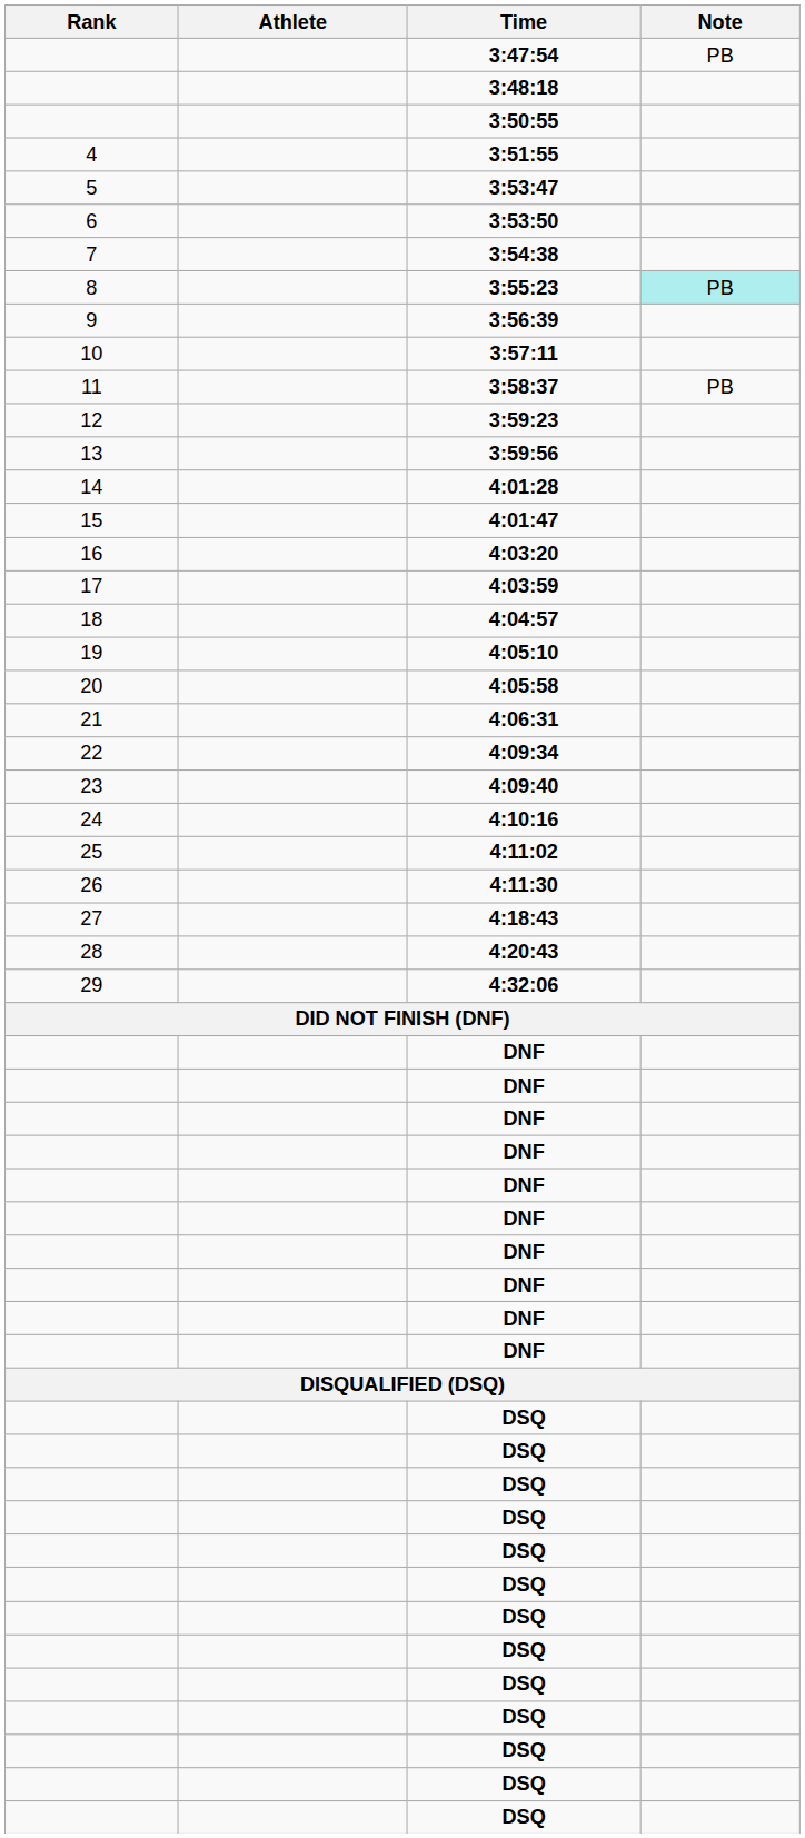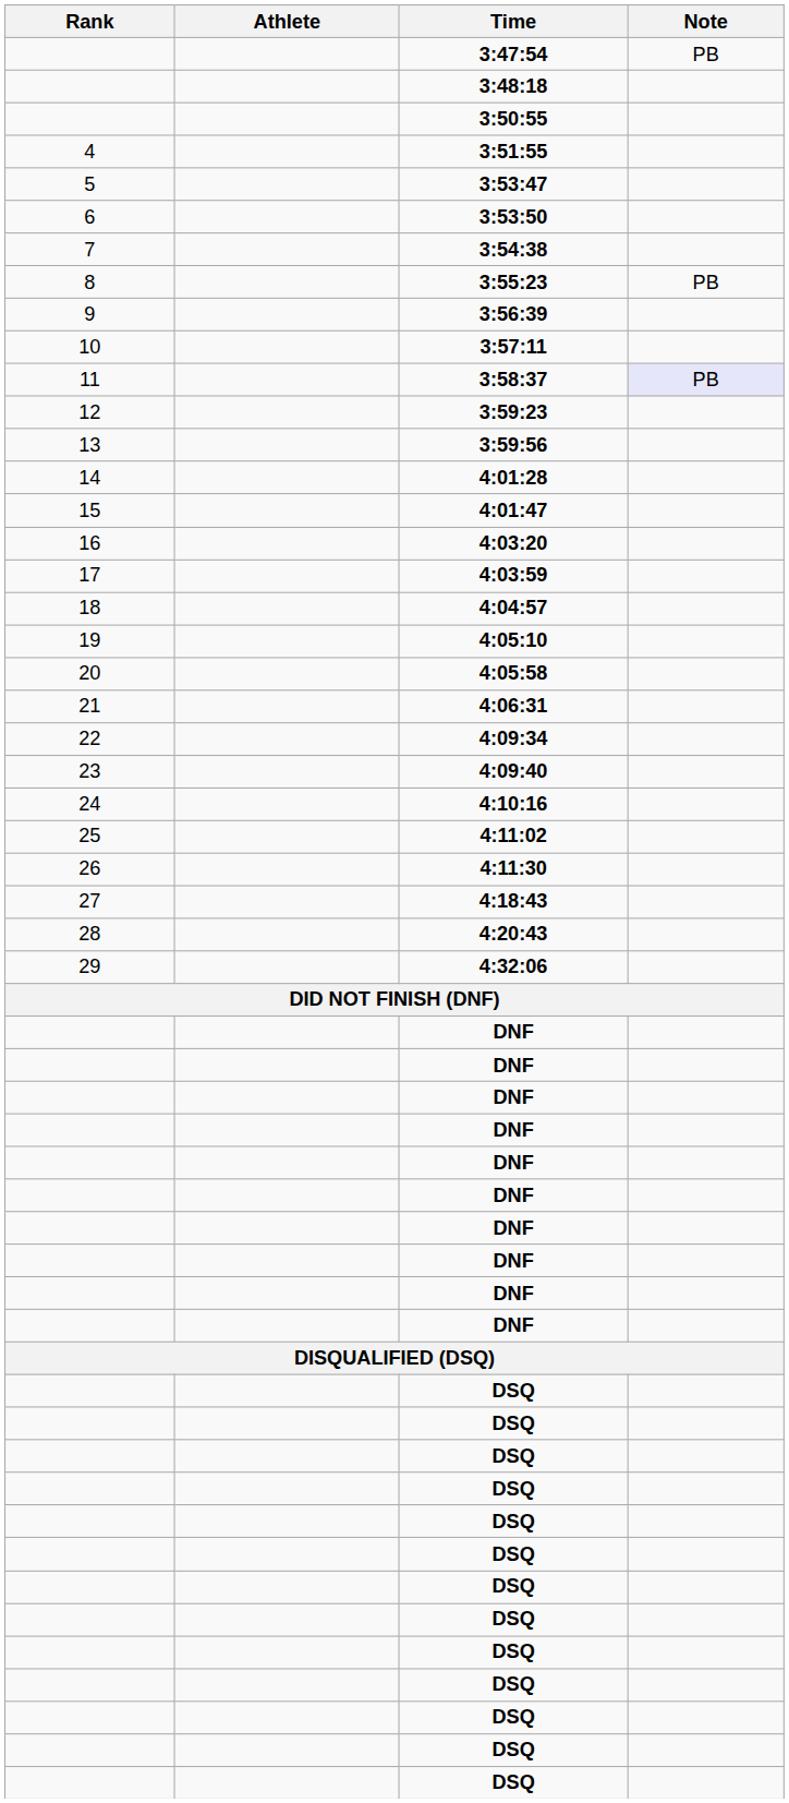 <table class="wikitable" style=" text-align:center; font-size:110%;" width="55%">
 <tr>
 <th>Rank</th>
 <th>Athlete</th>
 <th>Time</th>
 <th>Note</th>
 </tr>
 <tr>
 <td></td>
 <td align=left></td>
 <td><strong>3:47:54</strong></td>
 <td>PB</td>
 </tr>
 <tr>
 <td></td>
 <td align=left></td>
 <td><strong>3:48:18</strong></td>
 <td></td>
 </tr>
 <tr>
 <td></td>
 <td align=left></td>
 <td><strong>3:50:55</strong></td>
 <td></td>
 </tr>
 <tr>
 <td>4</td>
 <td align=left></td>
 <td><strong>3:51:55</strong></td>
 <td></td>
 </tr>
 <tr>
 <td>5</td>
 <td align=left></td>
 <td><strong>3:53:47</strong></td>
 <td></td>
 </tr>
 <tr>
 <td>6</td>
 <td align=left></td>
 <td><strong>3:53:50</strong></td>
 <td></td>
 </tr>
 <tr>
 <td>7</td>
 <td align=left></td>
 <td><strong>3:54:38</strong></td>
 <td></td>
 </tr>
 <tr>
 <td>8</td>
 <td align=left></td>
 <td><strong>3:55:23</strong></td>
-<td style="background: paleturquoise;">PB</td>
+<td>PB</td>
 </tr>
 <tr>
 <td>9</td>
 <td align=left></td>
 <td><strong>3:56:39</strong></td>
 <td></td>
 </tr>
 <tr>
 <td>10</td>
 <td align=left></td>
 <td><strong>3:57:11</strong></td>
 <td></td>
 </tr>
 <tr>
 <td>11</td>
 <td align=left></td>
 <td><strong>3:58:37</strong></td>
-<td>PB</td>
+<td style="background: lavender;">PB</td>
 </tr>
 <tr>
 <td>12</td>
 <td align=left></td>
 <td><strong>3:59:23</strong></td>
 <td></td>
 </tr>
 <tr>
 <td>13</td>
 <td align=left></td>
 <td><strong>3:59:56</strong></td>
 <td></td>
 </tr>
 <tr>
 <td>14</td>
 <td align=left></td>
 <td><strong>4:01:28</strong></td>
 <td></td>
 </tr>
 <tr>
 <td>15</td>
 <td align=left></td>
 <td><strong>4:01:47</strong></td>
 <td></td>
 </tr>
 <tr>
 <td>16</td>
 <td align=left></td>
 <td><strong>4:03:20</strong></td>
 <td></td>
 </tr>
 <tr>
 <td>17</td>
 <td align=left></td>
 <td><strong>4:03:59</strong></td>
 <td></td>
 </tr>
 <tr>
 <td>18</td>
 <td align=left></td>
 <td><strong>4:04:57</strong></td>
 <td></td>
 </tr>
 <tr>
 <td>19</td>
 <td align=left></td>
 <td><strong>4:05:10</strong></td>
 <td></td>
 </tr>
 <tr>
 <td>20</td>
 <td align=left></td>
 <td><strong>4:05:58</strong></td>
 <td></td>
 </tr>
 <tr>
 <td>21</td>
 <td align=left></td>
 <td><strong>4:06:31</strong></td>
 <td></td>
 </tr>
 <tr>
 <td>22</td>
 <td align=left></td>
 <td><strong>4:09:34</strong></td>
 <td></td>
 </tr>
 <tr>
 <td>23</td>
 <td align=left></td>
 <td><strong>4:09:40</strong></td>
 <td></td>
 </tr>
 <tr>
 <td>24</td>
 <td align=left></td>
 <td><strong>4:10:16</strong></td>
 <td></td>
 </tr>
 <tr>
 <td>25</td>
 <td align=left></td>
 <td><strong>4:11:02</strong></td>
 <td></td>
 </tr>
 <tr>
 <td>26</td>
 <td align=left></td>
 <td><strong>4:11:30</strong></td>
 <td></td>
 </tr>
 <tr>
 <td>27</td>
 <td align=left></td>
 <td><strong>4:18:43</strong></td>
 <td></td>
 </tr>
 <tr>
 <td>28</td>
 <td align=left></td>
 <td><strong>4:20:43</strong></td>
 <td></td>
 </tr>
 <tr>
 <td>29</td>
 <td align=left></td>
 <td><strong>4:32:06</strong></td>
 <td></td>
 </tr>
 <tr>
 <th colspan="4">DID NOT FINISH (DNF)</th>
 </tr>
 <tr>
 <td></td>
 <td align=left></td>
 <td><strong>DNF </strong></td>
 <td></td>
 </tr>
 <tr>
 <td></td>
 <td align=left></td>
 <td><strong>DNF </strong></td>
 <td></td>
 </tr>
 <tr>
 <td></td>
 <td align=left></td>
 <td><strong>DNF </strong></td>
 <td></td>
 </tr>
 <tr>
 <td></td>
 <td align=left></td>
 <td><strong>DNF </strong></td>
 <td></td>
 </tr>
 <tr>
 <td></td>
 <td align=left></td>
 <td><strong>DNF </strong></td>
 <td></td>
 </tr>
 <tr>
 <td></td>
 <td align=left></td>
 <td><strong>DNF </strong></td>
 <td></td>
 </tr>
 <tr>
 <td></td>
 <td align=left></td>
 <td><strong>DNF </strong></td>
 <td></td>
 </tr>
 <tr>
 <td></td>
 <td align=left></td>
 <td><strong>DNF </strong></td>
 <td></td>
 </tr>
 <tr>
 <td></td>
 <td align=left></td>
 <td><strong>DNF </strong></td>
 <td></td>
 </tr>
 <tr>
 <td></td>
 <td align=left></td>
 <td><strong>DNF </strong></td>
 <td></td>
 </tr>
 <tr>
 <th colspan="4">DISQUALIFIED (DSQ)</th>
 </tr>
 <tr>
 <td></td>
 <td align=left></td>
 <td><strong>DSQ  </strong></td>
 <td></td>
 </tr>
 <tr>
 <td></td>
 <td align=left></td>
 <td><strong>DSQ  </strong></td>
 <td></td>
 </tr>
 <tr>
 <td></td>
 <td align=left></td>
 <td><strong>DSQ  </strong></td>
 <td></td>
 </tr>
 <tr>
 <td></td>
 <td align=left></td>
 <td><strong>DSQ  </strong></td>
 <td></td>
 </tr>
 <tr>
 <td></td>
 <td align=left></td>
 <td><strong>DSQ  </strong></td>
 <td></td>
 </tr>
 <tr>
 <td></td>
 <td align=left></td>
 <td><strong>DSQ  </strong></td>
 <td></td>
 </tr>
 <tr>
 <td></td>
 <td align=left></td>
 <td><strong>DSQ  </strong></td>
 <td></td>
 </tr>
 <tr>
 <td></td>
 <td align=left></td>
 <td><strong>DSQ  </strong></td>
 <td></td>
 </tr>
 <tr>
 <td></td>
 <td align=left></td>
 <td><strong>DSQ  </strong></td>
 <td></td>
 </tr>
 <tr>
 <td></td>
 <td align=left></td>
 <td><strong>DSQ  </strong></td>
 <td></td>
 </tr>
 <tr>
 <td></td>
 <td align=left></td>
 <td><strong>DSQ  </strong></td>
 <td></td>
 </tr>
 <tr>
 <td></td>
 <td align=left></td>
 <td><strong>DSQ  </strong></td>
 <td></td>
 </tr>
 <tr>
 <td></td>
 <td align=left></td>
 <td><strong>DSQ  </strong></td>
 <td></td>
 </tr>
 </table>
